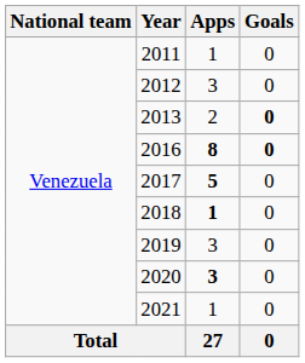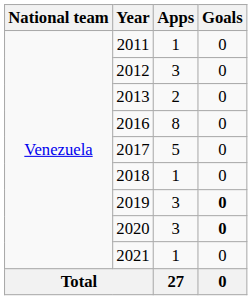 <table class=wikitable style=text-align:center>
 <tr>
 <th>National team</th>
 <th>Year</th>
 <th>Apps</th>
 <th>Goals</th>
 </tr>
 <tr>
 <td rowspan="9"><a href='#'>Venezuela</a></td>
 <td>2011</td>
 <td>1</td>
 <td>0</td>
 </tr>
 <tr>
 <td>2012</td>
 <td>3</td>
 <td>0</td>
 </tr>
 <tr>
 <td>2013</td>
 <td>2</td>
-<td><strong>0</strong></td>
+<td>0</td>
 </tr>
 <tr>
 <td>2016</td>
-<td><strong>8</strong></td>
-<td><strong>0</strong></td>
+<td>8</td>
+<td>0</td>
 </tr>
 <tr>
 <td>2017</td>
-<td><strong>5</strong></td>
+<td>5</td>
 <td>0</td>
 </tr>
 <tr>
 <td>2018</td>
-<td><strong>1</strong></td>
+<td>1</td>
 <td>0</td>
 </tr>
 <tr>
 <td>2019</td>
 <td>3</td>
-<td>0</td>
+<td><strong>0</strong></td>
 </tr>
 <tr>
 <td>2020</td>
-<td><strong>3</strong></td>
-<td>0</td>
+<td>3</td>
+<td><strong>0</strong></td>
 </tr>
 <tr>
 <td>2021</td>
 <td>1</td>
 <td>0</td>
 </tr>
 <tr>
 <th colspan="2">Total</th>
 <th>27</th>
 <th>0</th>
 </tr>
 </table>
